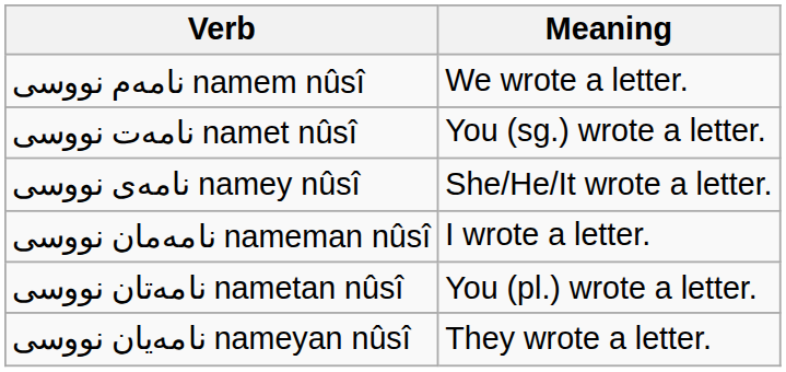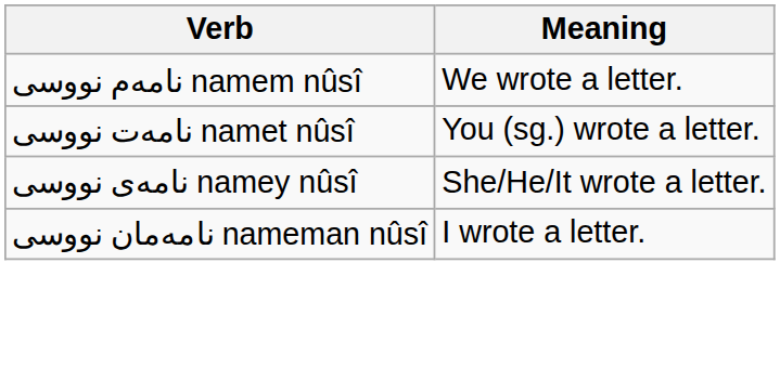 <table class="wikitable">
 <tr>
 <th>Verb</th>
 <th>Meaning</th>
 </tr>
 <tr>
 <td>نامه‌م نووسی namem nûsî</td>
 <td>We wrote a letter.</td>
 </tr>
 <tr>
 <td>نامه‌ت نووسی namet nûsî</td>
 <td>You (sg.) wrote a letter.</td>
 </tr>
 <tr>
 <td>نامه‌ی نووسی namey nûsî</td>
 <td>She/He/It wrote a letter.</td>
 </tr>
 <tr>
 <td>نامه‌مان نووسی nameman nûsî</td>
 <td>I wrote a letter.</td>
 </tr>
-<tr>
-<td>نامه‌تان نووسی nametan nûsî</td>
-<td>You (pl.) wrote a letter.</td>
-</tr>
-<tr>
-<td>نامه‌یان نووسی nameyan nûsî</td>
-<td>They wrote a letter.</td>
-</tr>
 </table>
